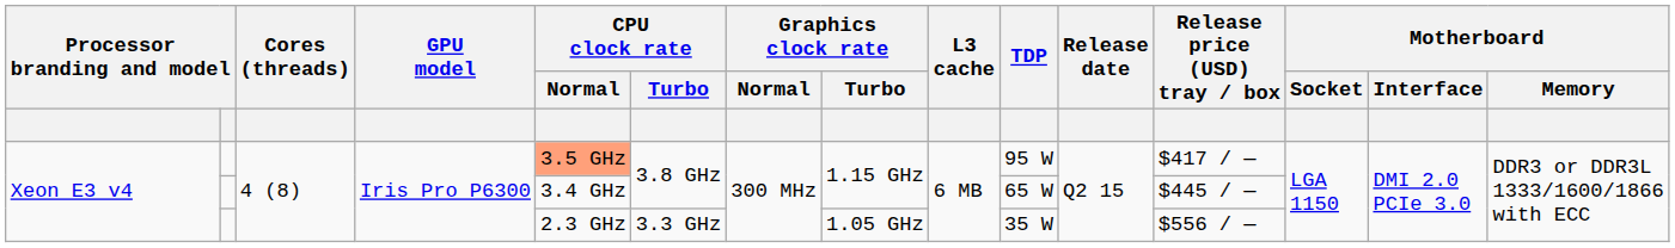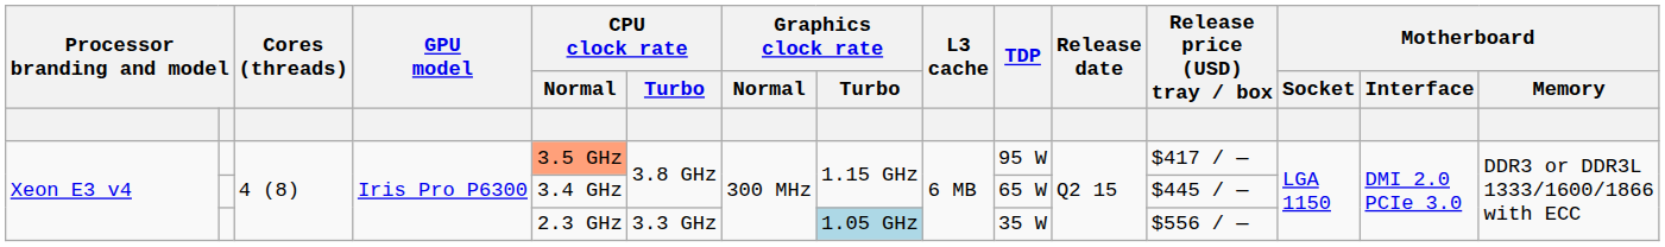 <table class="wikitable sortable">
 <tr>
 <th colspan="2" rowspan="2">Processor<br>branding and model</th>
 <th rowspan="2">Cores<br>(threads)</th>
 <th rowspan="2"><a href='#'>GPU<br>model</a></th>
 <th colspan="2">CPU<br><a href='#'>clock rate</a></th>
 <th colspan="2">Graphics<br><a href='#'>clock rate</a></th>
 <th rowspan="2" data-sort-type="number">L3<br>cache</th>
 <th rowspan="2" data-sort-type="number"><a href='#'>TDP</a></th>
 <th rowspan="2" class="unsortable">Release<br>date</th>
 <th rowspan="2">Release<br>price<br>(USD)<br>tray / box</th>
 <th colspan="3">Motherboard</th>
 </tr>
 <tr>
 <th>Normal</th>
 <th data-sort-type="number"><a href='#'>Turbo</a></th>
 <th>Normal</th>
 <th data-sort-type="number">Turbo</th>
 <th>Socket</th>
 <th>Interface</th>
 <th>Memory</th>
 </tr>
 <tr>
 <th style="background-position:center"><br></th>
 <th style="background-position:center"></th>
 <th style="background-position:center"></th>
 <th style="background-position:center"></th>
 <th style="background-position:center"></th>
 <th style="background-position:center"></th>
 <th style="background-position:center"></th>
 <th style="background-position:center"></th>
 <th style="background-position:center"></th>
 <th style="background-position:center"></th>
 <th style="background-position:center"></th>
 <th style="background-position:center"></th>
 <th style="background-position:center"></th>
 <th style="background-position:center"></th>
 <th style="background-position:center"></th>
 </tr>
 <tr>
 <td rowspan="3"><a href='#'>Xeon&nbsp;E3&nbsp;v4</a></td>
 <td><strong></strong></td>
 <td rowspan="3">4 (8)</td>
 <td rowspan="3"><a href='#'>Iris Pro P6300</a></td>
 <td style="background: lightsalmon;">3.5 GHz</td>
 <td rowspan="2">3.8 GHz</td>
 <td rowspan="3">300 MHz</td>
 <td rowspan="2">1.15 GHz</td>
 <td rowspan="3">6 MB</td>
 <td>95 W</td>
 <td rowspan="3">Q2 15</td>
 <td>$417 / —</td>
 <td rowspan="3"><a href='#'>LGA<br>1150</a></td>
 <td rowspan="3"><a href='#'>DMI 2.0</a><br><a href='#'>PCIe 3.0</a></td>
 <td rowspan="3">DDR3 or DDR3L <br>1333/1600/1866<br>with ECC</td>
 </tr>
 <tr>
 <td><strong></strong></td>
 <td>3.4 GHz</td>
 <td>65 W</td>
 <td>$445 / —</td>
 </tr>
 <tr>
 <td><strong></strong></td>
 <td>2.3 GHz</td>
 <td>3.3 GHz</td>
-<td>1.05 GHz</td>
+<td style="background: lightblue;">1.05 GHz</td>
 <td>35 W</td>
 <td>$556 / —</td>
 </tr>
 </table>
